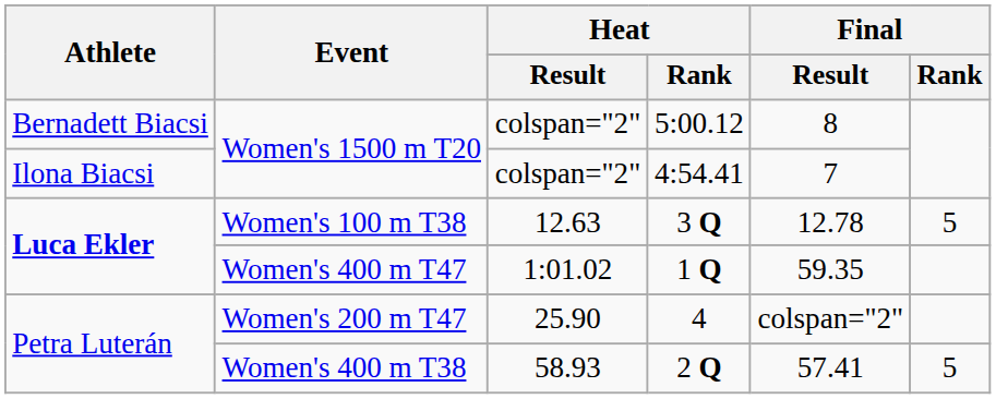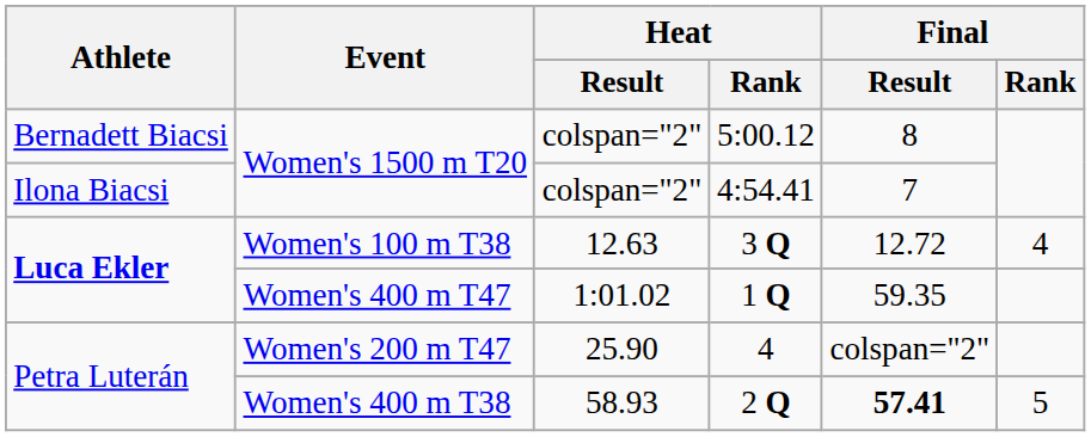 <table class="wikitable" style="font-size:90%">
 <tr>
 <th rowspan="2">Athlete</th>
 <th rowspan="2">Event</th>
 <th colspan="2">Heat</th>
 <th colspan="2">Final</th>
 </tr>
 <tr style="font-size:95%">
 <th>Result</th>
 <th>Rank</th>
 <th>Result</th>
 <th>Rank</th>
 </tr>
 <tr align=center>
 <td align=left><a href='#'>Bernadett Biacsi</a></td>
 <td align=left rowspan=2><a href='#'>Women's 1500 m T20</a></td>
 <td>colspan="2" </td>
 <td>5:00.12</td>
 <td>8</td>
 </tr>
 <tr align=center>
 <td align=left><a href='#'>Ilona Biacsi</a></td>
 <td>colspan="2" </td>
 <td>4:54.41</td>
 <td>7</td>
 </tr>
 <tr align=center>
 <td rowspan="2" align="left"><strong><a href='#'>Luca Ekler</a></strong></td>
 <td align=left><a href='#'>Women's 100 m T38</a></td>
 <td>12.63</td>
 <td>3 <strong>Q</strong></td>
-<td>12.78</td>
-<td>5</td>
+<td>12.72</td>
+<td>4</td>
 </tr>
 <tr align="center">
 <td align="left"><a href='#'>Women's 400 m T47</a></td>
 <td>1:01.02</td>
 <td>1 <strong>Q</strong></td>
 <td>59.35</td>
 <td></td>
 </tr>
 <tr align="center">
 <td align="left" rowspan="2"><a href='#'>Petra Luterán</a></td>
 <td align="left"><a href='#'>Women's 200 m T47</a></td>
 <td>25.90</td>
 <td>4</td>
 <td>colspan="2" </td>
 </tr>
 <tr align="center">
 <td align="left"><a href='#'>Women's 400 m T38</a></td>
 <td>58.93</td>
 <td>2 <strong>Q</strong></td>
-<td>57.41</td>
+<td><strong>57.41</strong></td>
 <td>5</td>
 </tr>
 </table>
